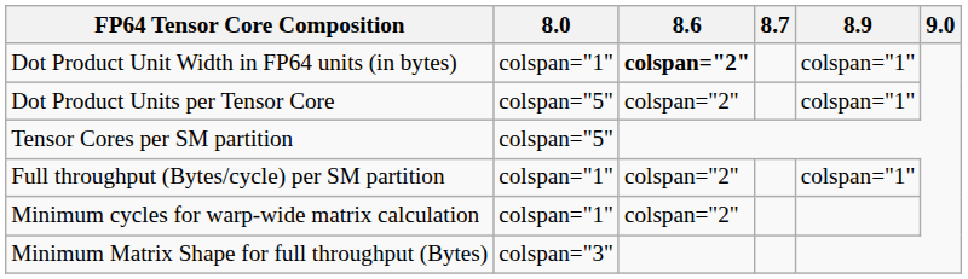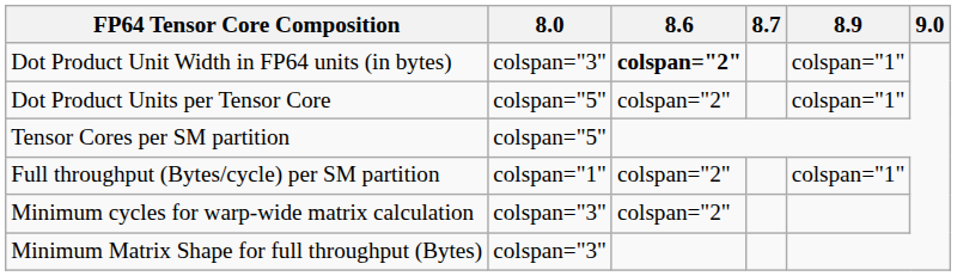 <table class="wikitable" style="font-size:85%;">
 <tr>
 <th>FP64 Tensor Core Composition</th>
 <th>8.0</th>
 <th>8.6</th>
 <th>8.7</th>
 <th>8.9</th>
 <th>9.0</th>
 </tr>
 <tr>
 <td>Dot Product Unit Width in FP64 units (in bytes)</td>
-<td>colspan="1" </td>
+<td>colspan="3" </td>
 <td><strong>colspan="2" </strong></td>
 <td></td>
 <td>colspan="1" </td>
 </tr>
 <tr>
 <td>Dot Product Units per Tensor Core</td>
 <td>colspan="5" </td>
 <td>colspan="2" </td>
 <td></td>
 <td>colspan="1" </td>
 </tr>
 <tr>
 <td>Tensor Cores per SM partition</td>
 <td>colspan="5" </td>
 </tr>
 <tr>
 <td>Full throughput (Bytes/cycle) per SM partition</td>
 <td>colspan="1" </td>
 <td>colspan="2" </td>
 <td></td>
 <td>colspan="1" </td>
 </tr>
 <tr>
 <td>Minimum cycles for warp-wide matrix calculation</td>
-<td>colspan="1" </td>
+<td>colspan="3" </td>
 <td>colspan="2" </td>
 <td></td>
 <td></td>
 </tr>
 <tr>
 <td>Minimum Matrix Shape for full throughput (Bytes)</td>
 <td>colspan="3" </td>
 <td></td>
 <td></td>
 </tr>
 </table>
